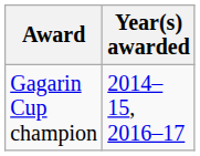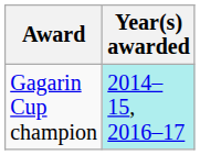 <table class="wikitable" style="width:20%;">
 <tr>
 <th>Award</th>
 <th>Year(s) awarded</th>
 </tr>
 <tr>
 <td><a href='#'>Gagarin Cup</a> champion</td>
-<td><a href='#'>2014–15</a>, <a href='#'>2016–17</a></td>
+<td style="background: paleturquoise;"><a href='#'>2014–15</a>, <a href='#'>2016–17</a></td>
 </tr>
 </table>
